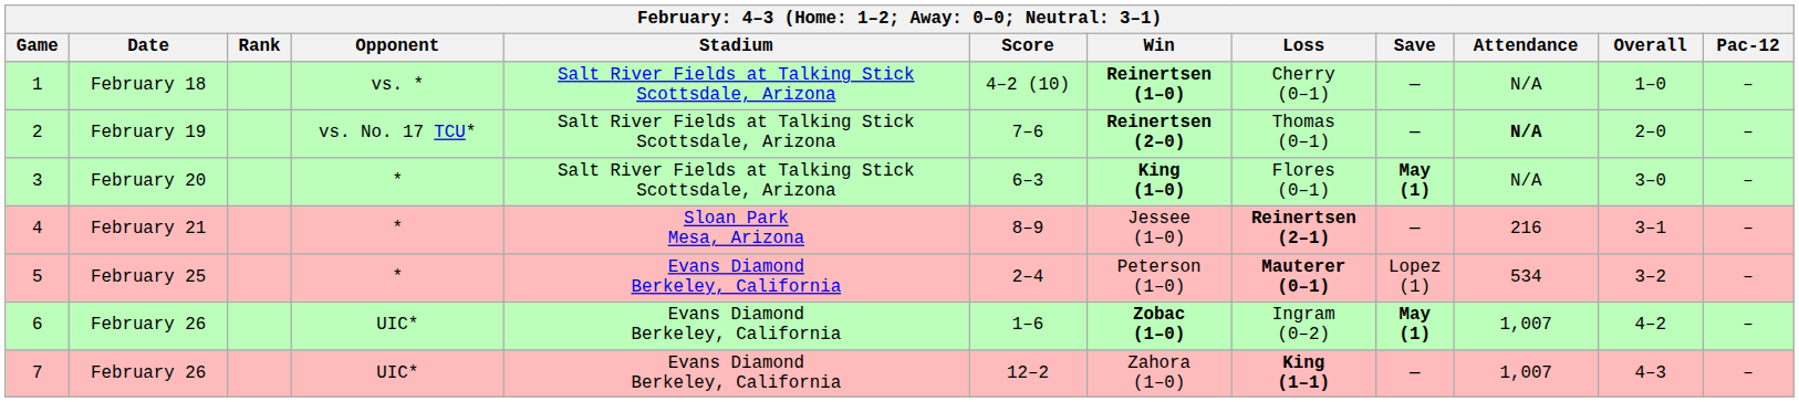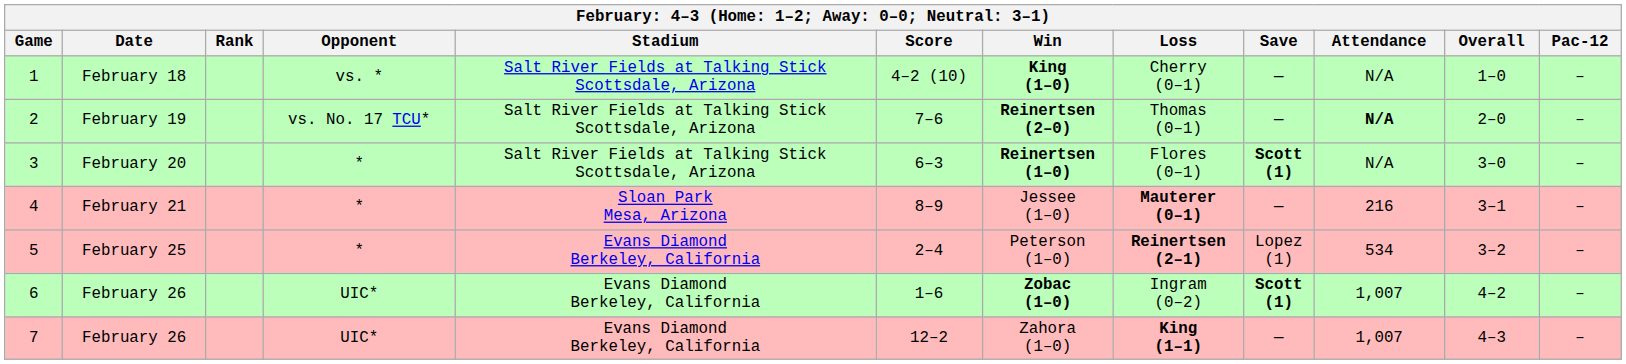 <table class="wikitable collapsible collapsed" style="margin:auto; width:100%; text-align:center; font-size:95%">
 <tr>
 <th colspan=12>February: 4–3 (Home: 1–2; Away: 0–0; Neutral: 3–1)</th>
 </tr>
 <tr>
 <th>Game</th>
 <th>Date</th>
 <th>Rank</th>
 <th>Opponent</th>
 <th>Stadium</th>
 <th>Score</th>
 <th>Win</th>
 <th>Loss</th>
 <th>Save</th>
 <th>Attendance</th>
 <th>Overall</th>
 <th>Pac-12</th>
 </tr>
 <tr style="background:#bfb;">
 <td>1</td>
 <td>February 18</td>
 <td></td>
 <td>vs. *</td>
 <td><a href='#'>Salt River Fields at Talking Stick</a><br><a href='#'>Scottsdale, Arizona</a></td>
 <td>4–2 (10)</td>
-<td><strong>Reinertsen<br>(1–0)</strong></td>
+<td><strong>King<br>(1–0)</strong></td>
 <td>Cherry<br>(0–1)</td>
 <td>—</td>
 <td>N/A</td>
 <td>1–0</td>
 <td>–</td>
 </tr>
 <tr style="background:#bfb;">
 <td>2</td>
 <td>February 19</td>
 <td></td>
 <td>vs. No. 17 <a href='#'>TCU</a>*</td>
 <td>Salt River Fields at Talking Stick<br>Scottsdale, Arizona</td>
 <td>7–6</td>
 <td><strong>Reinertsen<br>(2–0)</strong></td>
 <td>Thomas<br>(0–1)</td>
 <td>—</td>
 <td><strong>N/A</strong></td>
 <td>2–0</td>
 <td>–</td>
 </tr>
 <tr style="background:#bfb;">
 <td>3</td>
 <td>February 20</td>
 <td></td>
 <td>*</td>
 <td>Salt River Fields at Talking Stick<br>Scottsdale, Arizona</td>
 <td>6–3</td>
-<td><strong>King<br>(1–0)</strong></td>
+<td><strong>Reinertsen<br>(1–0)</strong></td>
 <td>Flores<br>(0–1)</td>
-<td><strong>May<br>(1)</strong></td>
+<td><strong>Scott<br>(1)</strong></td>
 <td>N/A</td>
 <td>3–0</td>
 <td>–</td>
 </tr>
 <tr style="background:#fbb;">
 <td>4</td>
 <td>February 21</td>
 <td></td>
 <td>*</td>
 <td><a href='#'>Sloan Park</a><br><a href='#'>Mesa, Arizona</a></td>
 <td>8–9</td>
 <td>Jessee<br>(1–0)</td>
-<td><strong>Reinertsen<br>(2–1)</strong></td>
+<td><strong>Mauterer<br>(0–1)</strong></td>
 <td>—</td>
 <td>216</td>
 <td>3–1</td>
 <td>–</td>
 </tr>
 <tr style="background:#fbb;">
 <td>5</td>
 <td>February 25</td>
 <td></td>
 <td>*</td>
 <td><a href='#'>Evans Diamond</a><br><a href='#'>Berkeley, California</a></td>
 <td>2–4</td>
 <td>Peterson<br>(1–0)</td>
-<td><strong>Mauterer<br>(0–1)</strong></td>
+<td><strong>Reinertsen<br>(2–1)</strong></td>
 <td>Lopez<br>(1)</td>
 <td>534</td>
 <td>3–2</td>
 <td>–</td>
 </tr>
 <tr style="background:#bfb;">
 <td>6</td>
 <td>February 26 </td>
 <td></td>
 <td>UIC*</td>
 <td>Evans Diamond<br>Berkeley, California</td>
 <td>1–6</td>
 <td><strong>Zobac<br>(1–0)</strong></td>
 <td>Ingram<br>(0–2)</td>
-<td><strong>May<br>(1)</strong></td>
+<td><strong>Scott<br>(1)</strong></td>
 <td>1,007</td>
 <td>4–2</td>
 <td>–</td>
 </tr>
 <tr style="background:#fbb;">
 <td>7</td>
 <td>February 26 </td>
 <td></td>
 <td>UIC*</td>
 <td>Evans Diamond<br>Berkeley, California</td>
 <td>12–2</td>
 <td>Zahora<br>(1–0)</td>
 <td><strong>King<br>(1–1)</strong></td>
 <td>—</td>
 <td>1,007</td>
 <td>4–3</td>
 <td>–</td>
 </tr>
 </table>
